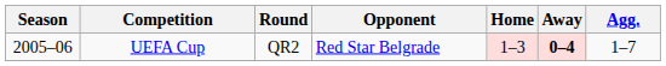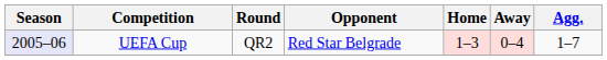 <table class="wikitable" style="font-size:95%; text-align: center;">
 <tr>
 <th width="60">Season</th>
 <th width="150">Competition</th>
 <th width="30">Round</th>
 <th width="150">Opponent</th>
 <th width="30">Home</th>
 <th width="30">Away</th>
 <th width="60"><a href='#'>Agg.</a></th>
 </tr>
 <tr>
-<td>2005–06</td>
+<td style="background: lavender;">2005–06</td>
 <td><a href='#'>UEFA Cup</a></td>
 <td>QR2</td>
 <td align="left"> <a href='#'>Red Star Belgrade</a></td>
 <td bgcolor="#ffdddd">1–3</td>
-<td bgcolor="#ffdddd"><strong>0–4</strong></td>
+<td bgcolor="#ffdddd">0–4</td>
 <td>1–7</td>
 </tr>
 <tr>
 </tr>
 </table>
